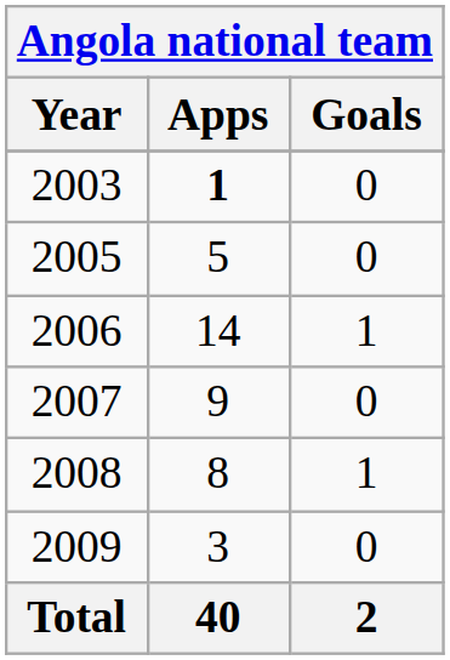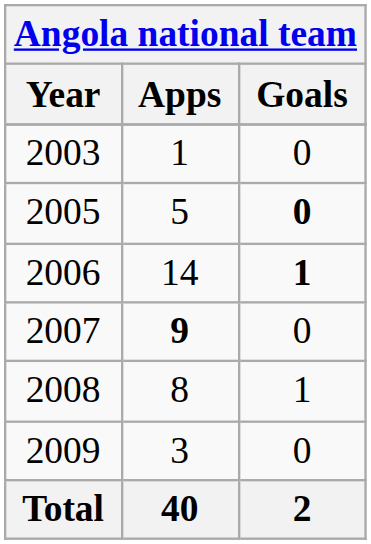 <table class="wikitable" style="text-align:center">
 <tr>
 <th colspan=3><a href='#'>Angola national team</a></th>
 </tr>
 <tr>
 <th>Year</th>
 <th>Apps</th>
 <th>Goals</th>
 </tr>
 <tr>
 </tr>
 <tr>
 <td>2003</td>
-<td><strong>1</strong></td>
+<td>1</td>
 <td>0</td>
 </tr>
 <tr>
 <td>2005</td>
 <td>5</td>
-<td>0</td>
+<td><strong>0</strong></td>
 </tr>
 <tr>
 <td>2006</td>
 <td>14</td>
-<td>1</td>
+<td><strong>1</strong></td>
 </tr>
 <tr>
 <td>2007</td>
-<td>9</td>
+<td><strong>9</strong></td>
 <td>0</td>
 </tr>
 <tr>
 <td>2008</td>
 <td>8</td>
 <td>1</td>
 </tr>
 <tr>
 <td>2009</td>
 <td>3</td>
 <td>0</td>
 </tr>
 <tr>
 <th>Total</th>
 <th>40</th>
 <th>2</th>
 </tr>
 </table>
